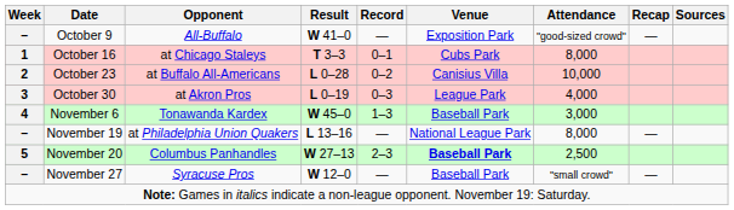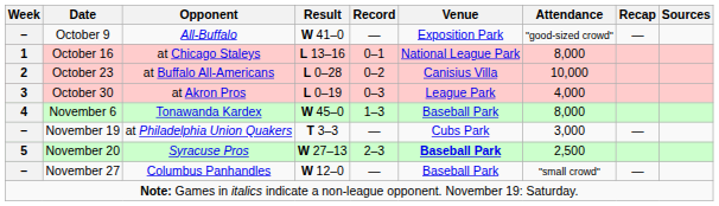 <table class="wikitable" style="text-align:center">
 <tr>
 <th>Week</th>
 <th>Date</th>
 <th>Opponent</th>
 <th>Result</th>
 <th>Record</th>
 <th>Venue</th>
 <th>Attendance</th>
 <th>Recap</th>
 <th>Sources</th>
 </tr>
 <tr>
 <th>–</th>
 <td>October 9</td>
 <td><em><a href='#'>All-Buffalo</a></em></td>
 <td><strong>W</strong> 41–0</td>
 <td>—</td>
 <td><a href='#'>Exposition Park</a></td>
 <td><small>"good-sized crowd"</small></td>
 <td>—</td>
 <td></td>
 </tr>
 <tr style="background:#fcc">
 <th>1</th>
 <td>October 16</td>
 <td>at <a href='#'>Chicago Staleys</a></td>
-<td><strong>T</strong> 3–3</td>
+<td><strong>L</strong> 13–16</td>
 <td>0–1</td>
-<td><a href='#'>Cubs Park</a></td>
+<td><a href='#'>National League Park</a></td>
 <td>8,000</td>
 <td></td>
 <td></td>
 </tr>
 <tr style="background:#fcc">
 <th>2</th>
 <td>October 23</td>
 <td>at <a href='#'>Buffalo All-Americans</a></td>
 <td><strong>L</strong> 0–28</td>
 <td>0–2</td>
 <td><a href='#'>Canisius Villa</a></td>
 <td>10,000</td>
 <td></td>
 <td></td>
 </tr>
 <tr style="background:#fcc">
 <th>3</th>
 <td>October 30</td>
 <td>at <a href='#'>Akron Pros</a></td>
 <td><strong>L</strong> 0–19</td>
 <td>0–3</td>
 <td><a href='#'>League Park</a></td>
 <td>4,000</td>
 <td></td>
 <td></td>
 </tr>
 <tr style="background:#cfc">
 <th>4</th>
 <td>November 6</td>
 <td><a href='#'>Tonawanda Kardex</a></td>
 <td><strong>W</strong> 45–0</td>
 <td>1–3</td>
 <td><a href='#'>Baseball Park</a></td>
-<td>3,000</td>
+<td>8,000</td>
 <td></td>
 <td></td>
 </tr>
 <tr>
 <th>–</th>
 <td>November 19</td>
 <td>at <em><a href='#'>Philadelphia Union Quakers</a></em></td>
-<td><strong>L</strong> 13–16</td>
+<td><strong>T</strong> 3–3</td>
 <td>—</td>
-<td><a href='#'>National League Park</a></td>
-<td>8,000</td>
+<td><a href='#'>Cubs Park</a></td>
+<td>3,000</td>
 <td>—</td>
 <td></td>
 </tr>
 <tr style="background:#cfc">
 <th>5</th>
 <td>November 20</td>
-<td><a href='#'>Columbus Panhandles</a></td>
+<td><em><a href='#'>Syracuse Pros</a></em></td>
 <td><strong>W</strong> 27–13</td>
 <td>2–3</td>
 <td><strong><a href='#'>Baseball Park</a></strong></td>
 <td>2,500</td>
 <td></td>
 <td></td>
 </tr>
 <tr>
 <th>–</th>
 <td>November 27</td>
-<td><em><a href='#'>Syracuse Pros</a></em></td>
+<td><a href='#'>Columbus Panhandles</a></td>
 <td><strong>W</strong> 12–0</td>
 <td>—</td>
 <td><a href='#'>Baseball Park</a></td>
 <td><small>"small crowd"</small></td>
 <td>—</td>
 <td></td>
 </tr>
 <tr>
 <td colspan="10"><strong>Note:</strong> Games in <em>italics</em> indicate a non-league opponent. November 19: Saturday.</td>
 </tr>
 </table>
